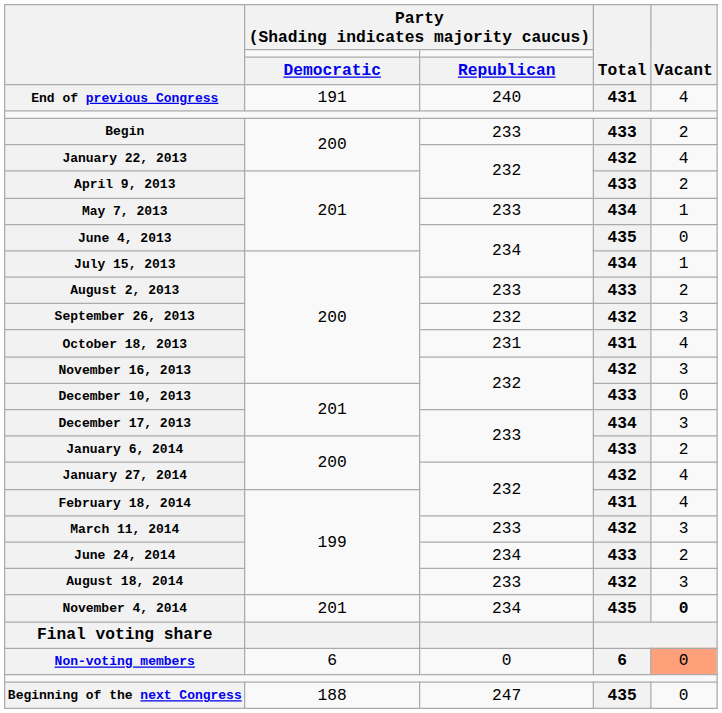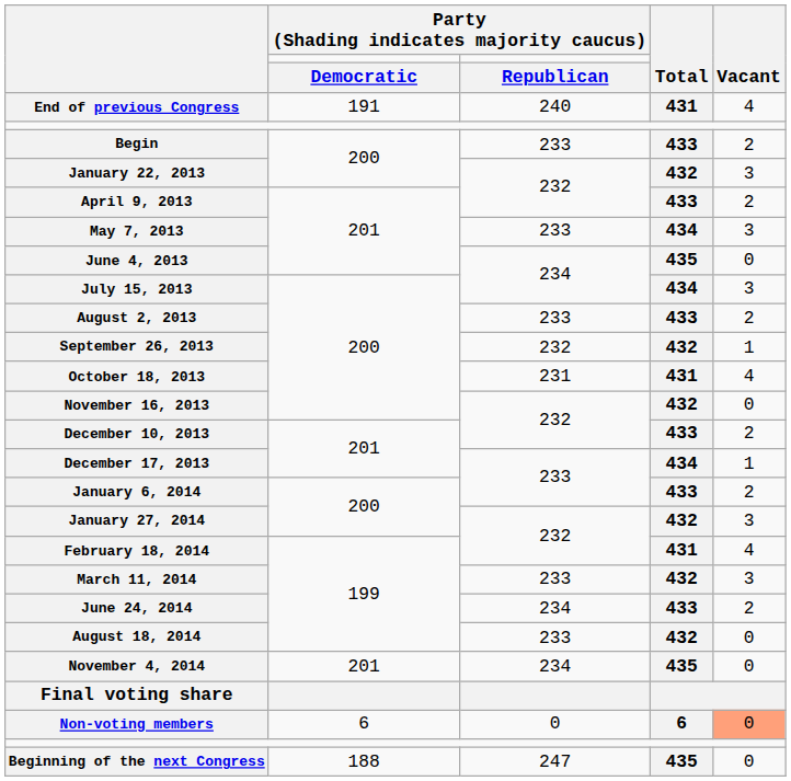 <table class=wikitable style="text-align:center">
 <tr style="vertical-align:bottom;">
 <th rowspan=3></th>
 <th colspan=2>Party <div>(Shading indicates majority caucus)</div></th>
 <th rowspan=3>Total</th>
 <th rowspan=3>Vacant</th>
 </tr>
 <tr style="height:5px">
 <td style="background-color:"></td>
 <td style="background-color:"></td>
 </tr>
 <tr>
 <th><a href='#'>Democratic</a></th>
 <th><a href='#'>Republican</a></th>
 </tr>
 <tr>
 <th style="font-size:80%">End of <a href='#'>previous Congress</a></th>
 <td>191</td>
 <td>240</td>
 <th>431</th>
 <td>4</td>
 </tr>
 <tr>
 <td colspan=6></td>
 </tr>
 <tr>
 <th style="font-size:80%">Begin</th>
 <td rowspan=2>200</td>
 <td>233</td>
 <th>433</th>
 <td>2</td>
 </tr>
 <tr>
 <th style="font-size:80%">January 22, 2013</th>
 <td rowspan=2 >232</td>
 <th>432</th>
-<td>4</td>
+<td>3</td>
 </tr>
 <tr>
 <th style="font-size:80%">April 9, 2013</th>
 <td rowspan=3>201</td>
 <th>433</th>
 <td>2</td>
 </tr>
 <tr>
 <th style="font-size:80%">May 7, 2013</th>
 <td>233</td>
 <th>434</th>
-<td>1</td>
+<td>3</td>
 </tr>
 <tr>
 <th style="font-size:80%">June 4, 2013</th>
 <td rowspan=2 >234</td>
 <th>435</th>
 <td>0</td>
 </tr>
 <tr>
 <th style="font-size:80%">July 15, 2013</th>
 <td rowspan=5>200</td>
 <th>434</th>
-<td>1</td>
+<td>3</td>
 </tr>
 <tr>
 <th style="font-size:80%">August 2, 2013</th>
 <td>233</td>
 <th>433</th>
 <td>2</td>
 </tr>
 <tr>
 <th style="font-size:80%">September 26, 2013</th>
 <td>232</td>
 <th>432</th>
-<td>3</td>
+<td>1</td>
 </tr>
 <tr>
 <th style="font-size:80%">October 18, 2013</th>
 <td>231</td>
 <th>431</th>
 <td>4</td>
 </tr>
 <tr>
 <th style="font-size:80%">November 16, 2013</th>
 <td rowspan=2 >232</td>
 <th>432</th>
-<td>3</td>
+<td>0</td>
 </tr>
 <tr>
 <th style="font-size:80%">December 10, 2013</th>
 <td rowspan=2>201</td>
 <th>433</th>
-<td>0</td>
+<td>2</td>
 </tr>
 <tr>
 <th style="font-size:80%">December 17, 2013</th>
 <td rowspan=2 >233</td>
 <th>434</th>
-<td>3</td>
+<td>1</td>
 </tr>
 <tr>
 <th style="font-size:80%">January 6, 2014</th>
 <td rowspan=2>200</td>
 <th>433</th>
 <td>2</td>
 </tr>
 <tr>
 <th style="font-size:80%">January 27, 2014</th>
 <td rowspan=2 >232</td>
 <th>432</th>
-<td>4</td>
+<td>3</td>
 </tr>
 <tr>
 <th style="font-size:80%">February 18, 2014</th>
 <td rowspan=4>199</td>
 <th>431</th>
 <td>4</td>
 </tr>
 <tr>
 <th style="font-size:80%">March 11, 2014</th>
 <td rowspan=1 >233</td>
 <th>432</th>
 <td>3</td>
 </tr>
 <tr>
 <th style="font-size:80%">June 24, 2014</th>
 <td rowspan=1 >234</td>
 <th>433</th>
 <td>2</td>
 </tr>
 <tr>
 <th style="font-size:80%">August 18, 2014</th>
 <td rowspan=1 >233</td>
 <th>432</th>
-<td>3</td>
+<td>0</td>
 </tr>
 <tr>
 <th style="font-size:80%">November 4, 2014</th>
 <td rowspan=1>201</td>
 <td>234</td>
 <th>435</th>
-<td><strong>0</strong></td>
+<td>0</td>
 </tr>
 <tr>
 <th>Final voting share</th>
 <th></th>
 <th></th>
 <th colspan=2></th>
 </tr>
 <tr>
 <th style=font-size:80%><a href='#'>Non-voting members</a></th>
 <td>6</td>
 <td>0</td>
 <th>6</th>
 <td style="background: lightsalmon;">0</td>
 </tr>
 <tr>
 <td colspan=6></td>
 </tr>
 <tr>
 <th style="white-space:nowrap; font-size:80%;">Beginning of the <a href='#'>next Congress</a></th>
 <td>188</td>
 <td>247</td>
 <th>435</th>
 <td>0</td>
 </tr>
 </table>
